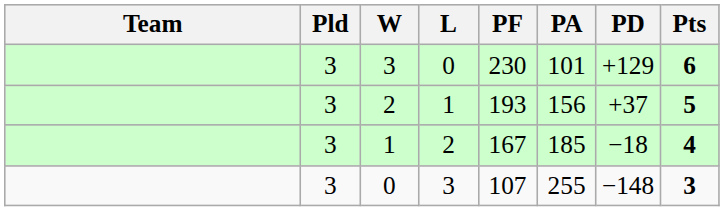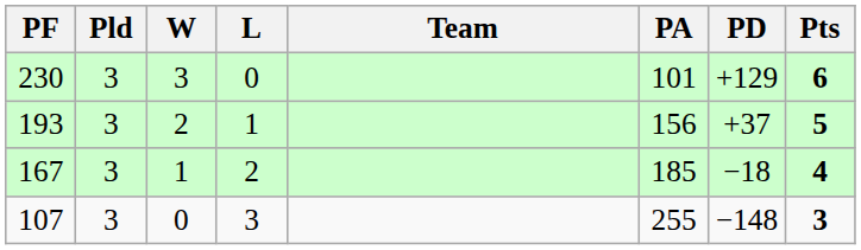 <table class="wikitable" style="text-align:center;">
 <tr>
-<th width=180>Team</th>
+<th width=30>PF</th>
 <th width=30>Pld</th>
 <th width=30>W</th>
 <th width=30>L</th>
-<th width=30>PF</th>
+<th width=180>Team</th>
 <th width=30>PA</th>
 <th width=30>PD</th>
 <th width=30>Pts</th>
 </tr>
 <tr bgcolor="#ccffcc">
-<td align=left></td>
+<td>230</td>
 <td>3</td>
 <td>3</td>
 <td>0</td>
-<td>230</td>
+<td align=left></td>
 <td>101</td>
 <td>+129</td>
 <td><strong>6</strong></td>
 </tr>
 <tr bgcolor="#ccffcc">
-<td align=left></td>
+<td>193</td>
 <td>3</td>
 <td>2</td>
 <td>1</td>
-<td>193</td>
+<td align=left></td>
 <td>156</td>
 <td>+37</td>
 <td><strong>5</strong></td>
 </tr>
 <tr bgcolor="#ccffcc">
-<td align=left></td>
+<td>167</td>
 <td>3</td>
 <td>1</td>
 <td>2</td>
-<td>167</td>
+<td align=left></td>
 <td>185</td>
 <td>−18</td>
 <td><strong>4</strong></td>
 </tr>
 <tr>
-<td align=left></td>
+<td>107</td>
 <td>3</td>
 <td>0</td>
 <td>3</td>
-<td>107</td>
+<td align=left></td>
 <td>255</td>
 <td>−148</td>
 <td><strong>3</strong></td>
 </tr>
 </table>
